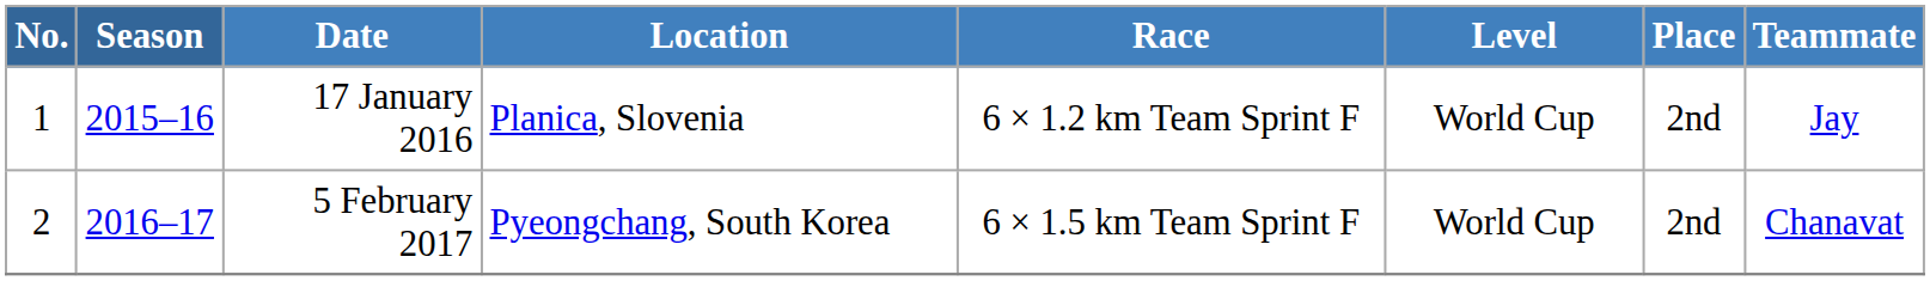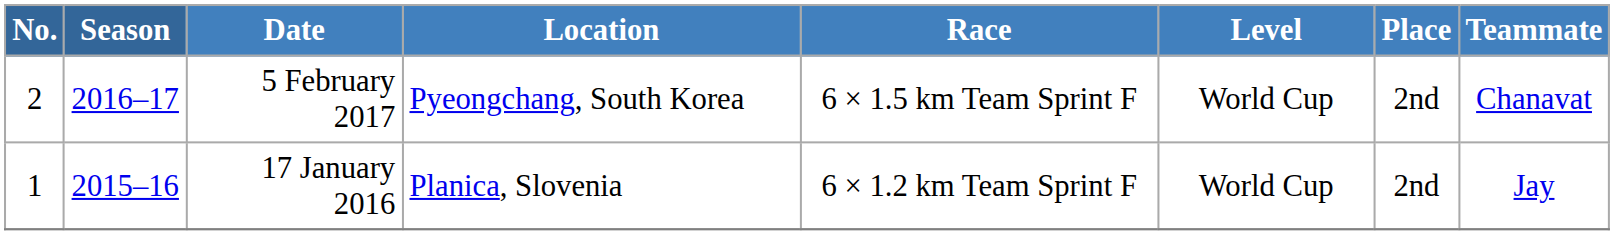 <table class="wikitable sortable" style="font-size:95%; text-align:center; border:grey solid 1px; border-collapse:collapse; background:#ffffff;">
 <tr style="background:#efefef;">
 <th style="background-color:#369; color:white;">No.</th>
 <th style="background-color:#369; color:white;">Season</th>
 <th style="background-color:#4180be; color:white; width:100px;">Date</th>
 <th style="background-color:#4180be; color:white; width:190px;">Location</th>
 <th style="background-color:#4180be; color:white; width:170px;">Race</th>
 <th style="background-color:#4180be; color:white; width:100px;">Level</th>
 <th style="background-color:#4180be; color:white;">Place</th>
 <th style="background-color:#4180be; color:white;">Teammate</th>
 </tr>
 <tr>
+<td align=center>2</td>
+<td rowspan=1 align=center><a href='#'>2016–17</a></td>
+<td align=right>5 February 2017</td>
+<td align=left> <a href='#'>Pyeongchang</a>, South Korea</td>
+<td>6 × 1.5 km Team Sprint F</td>
+<td>World Cup</td>
+<td>2nd</td>
+<td><a href='#'>Chanavat</a></td>
+</tr>
+<tr>
 <td align=center>1</td>
 <td rowspan=1 align=center><a href='#'>2015–16</a></td>
 <td align=right>17 January 2016</td>
 <td align=left> <a href='#'>Planica</a>, Slovenia</td>
 <td>6 × 1.2 km Team Sprint F</td>
 <td>World Cup</td>
 <td>2nd</td>
 <td><a href='#'>Jay</a></td>
 </tr>
 <tr>
-<td align=center>2</td>
-<td rowspan=1 align=center><a href='#'>2016–17</a></td>
-<td align=right>5 February 2017</td>
-<td align=left> <a href='#'>Pyeongchang</a>, South Korea</td>
-<td>6 × 1.5 km Team Sprint F</td>
-<td>World Cup</td>
-<td>2nd</td>
-<td><a href='#'>Chanavat</a></td>
-</tr>
-<tr>
 </tr>
 </table>
